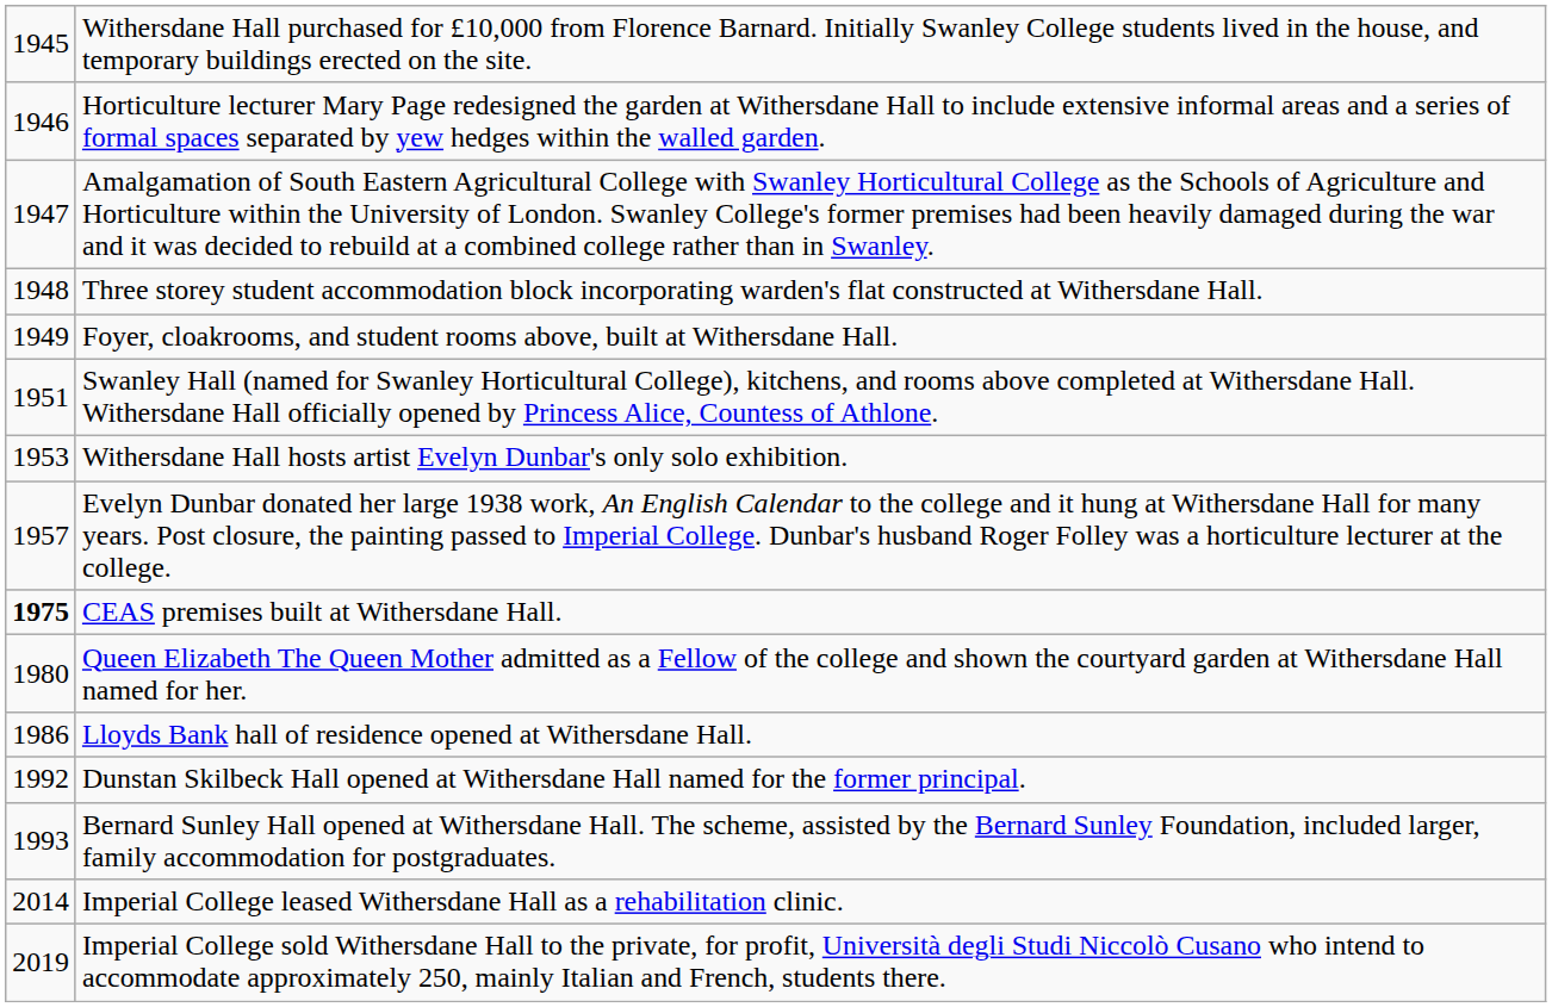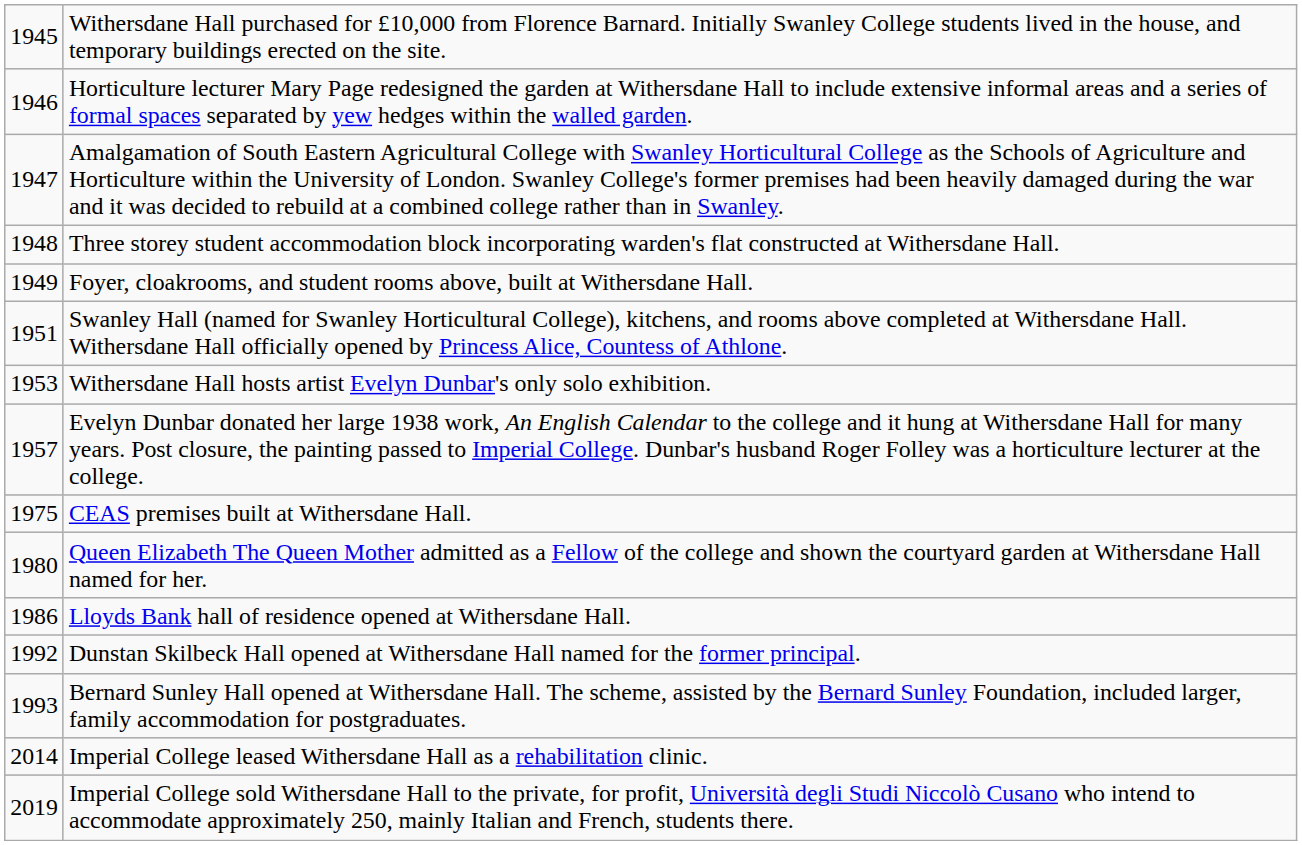 <table class="wikitable">
 <tr>
 <td>1945</td>
 <td>Withersdane Hall purchased for £10,000 from Florence Barnard. Initially Swanley College students lived in the house, and temporary buildings erected on the site.</td>
 </tr>
 <tr>
 <td>1946</td>
 <td>Horticulture lecturer Mary Page redesigned the  garden at Withersdane Hall to include extensive informal areas and a series of <a href='#'>formal spaces</a> separated by <a href='#'>yew</a> hedges within the <a href='#'>walled garden</a>.</td>
 </tr>
 <tr>
 <td>1947</td>
 <td>Amalgamation of South Eastern Agricultural College with <a href='#'>Swanley Horticultural College</a> as the Schools of Agriculture and Horticulture within the University of London. Swanley College's former premises had been heavily damaged during the war and it was decided to rebuild at a combined college rather than in <a href='#'>Swanley</a>.</td>
 </tr>
 <tr>
 <td>1948</td>
 <td>Three storey student accommodation block incorporating warden's flat constructed at Withersdane Hall.</td>
 </tr>
 <tr>
 <td>1949</td>
 <td>Foyer, cloakrooms, and student rooms above, built at Withersdane Hall.</td>
 </tr>
 <tr>
 <td>1951</td>
 <td>Swanley Hall (named for Swanley Horticultural College), kitchens, and rooms above completed at Withersdane Hall. Withersdane Hall officially opened by <a href='#'>Princess Alice, Countess of Athlone</a>.</td>
 </tr>
 <tr>
 <td>1953</td>
 <td>Withersdane Hall hosts artist <a href='#'>Evelyn Dunbar</a>'s only solo exhibition.</td>
 </tr>
 <tr>
 <td>1957</td>
 <td>Evelyn Dunbar donated her large 1938 work, <em>An English Calendar</em> to the college and it hung at Withersdane Hall for many years. Post closure, the painting passed to <a href='#'>Imperial College</a>. Dunbar's husband Roger Folley was a horticulture lecturer at the college.</td>
 </tr>
 <tr>
-<td><strong>1975</strong></td>
+<td>1975</td>
 <td><a href='#'>CEAS</a> premises built at Withersdane Hall.</td>
 </tr>
 <tr>
 <td>1980</td>
 <td><a href='#'>Queen Elizabeth The Queen Mother</a> admitted as a <a href='#'>Fellow</a> of the college and shown the courtyard garden at Withersdane Hall named for her.</td>
 </tr>
 <tr>
 <td>1986</td>
 <td><a href='#'>Lloyds Bank</a> hall of residence opened at Withersdane Hall.</td>
 </tr>
 <tr>
 <td>1992</td>
 <td>Dunstan Skilbeck Hall opened at Withersdane Hall named for the <a href='#'>former principal</a>.</td>
 </tr>
 <tr>
 <td>1993</td>
 <td>Bernard Sunley Hall opened at Withersdane Hall. The scheme, assisted by the <a href='#'>Bernard Sunley</a> Foundation, included larger, family accommodation for postgraduates.</td>
 </tr>
 <tr>
 <td>2014</td>
 <td>Imperial College leased Withersdane Hall as a <a href='#'>rehabilitation</a> clinic.</td>
 </tr>
 <tr>
 <td>2019</td>
 <td>Imperial College sold Withersdane Hall to the private, for profit, <a href='#'>Università degli Studi Niccolò Cusano</a> who intend to accommodate approximately 250, mainly Italian and French, students there.</td>
 </tr>
 <tr>
 </tr>
 </table>
